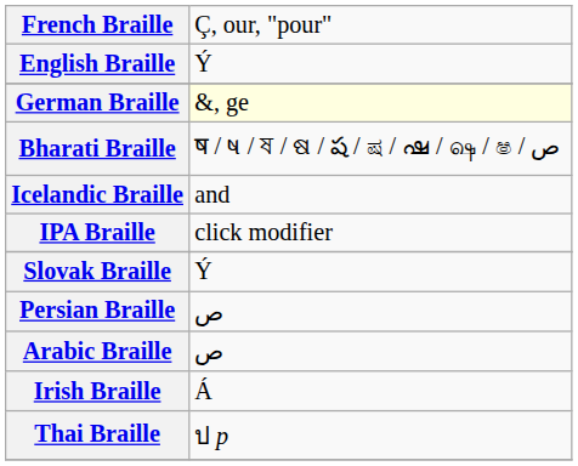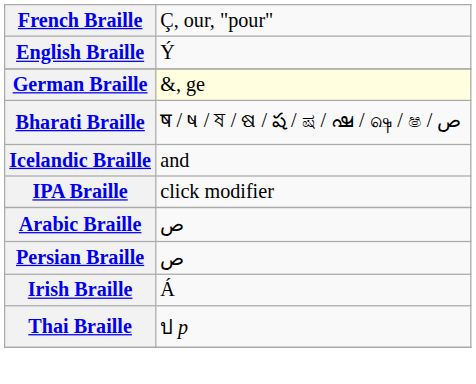 <table class="wikitable">
 <tr>
 <th align=left><a href='#'>French Braille</a></th>
 <td>Ç, our, "pour"</td>
 </tr>
 <tr>
 <th align=left><a href='#'>English Braille</a></th>
 <td>Ý</td>
 </tr>
 <tr>
 </tr>
 <tr>
 <th align=left><a href='#'>German Braille</a></th>
 <td style="background: lightyellow;">&, ge</td>
 </tr>
 <tr>
 <th align=left><a href='#'>Bharati Braille</a></th>
 <td>ष / ષ / ষ / ଷ / ష / ಷ / ഷ / ஷ / ෂ / ص ‎</td>
 </tr>
 <tr>
 <th align=left><a href='#'>Icelandic Braille</a></th>
 <td>and</td>
 </tr>
 <tr>
 <th align=left><a href='#'>IPA Braille</a></th>
 <td>click modifier</td>
 </tr>
 <tr>
 </tr>
 <tr>
-<th align=left><a href='#'>Slovak Braille</a></th>
-<td>Ý</td>
+<th align=left><a href='#'>Arabic Braille</a></th>
+<td>ص</td>
 </tr>
 <tr>
 <th align=left><a href='#'>Persian Braille</a></th>
-<td>ص</td>
-</tr>
-<tr>
-<th align=left><a href='#'>Arabic Braille</a></th>
 <td>ص</td>
 </tr>
 <tr>
 <th align=left><a href='#'>Irish Braille</a></th>
 <td>Á</td>
 </tr>
 <tr>
 <th align=left><a href='#'>Thai Braille</a></th>
 <td>ป <em>p</em></td>
 </tr>
 <tr>
 </tr>
 </table>
